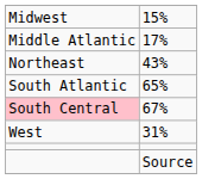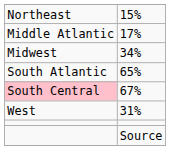 <table class="wikitable">
 <tr>
 </tr>
 <tr>
-<td>Midwest</td>
+<td>Northeast</td>
 <td>15%</td>
 </tr>
 <tr>
 <td>Middle Atlantic</td>
 <td>17%</td>
 </tr>
 <tr>
-<td>Northeast</td>
-<td>43%</td>
+<td>Midwest</td>
+<td>34%</td>
 </tr>
 <tr>
 <td>South Atlantic</td>
 <td>65%</td>
 </tr>
 <tr>
 <td style="background: pink;">South Central</td>
 <td>67%</td>
 </tr>
 <tr>
 <td>West</td>
 <td>31%</td>
 </tr>
 <tr>
 <td></td>
 </tr>
 <tr>
 <td></td>
 <td>Source</td>
 </tr>
 <tr>
 </tr>
 </table>
